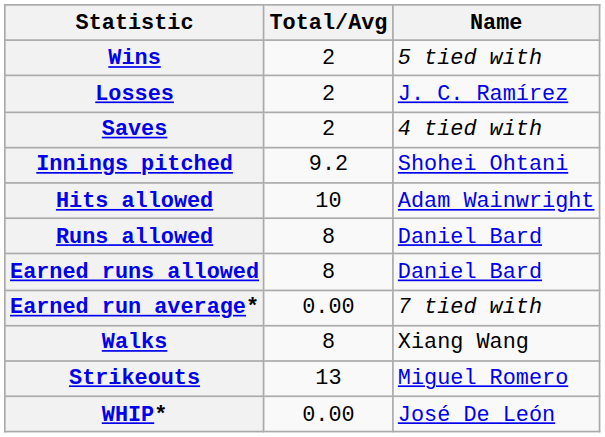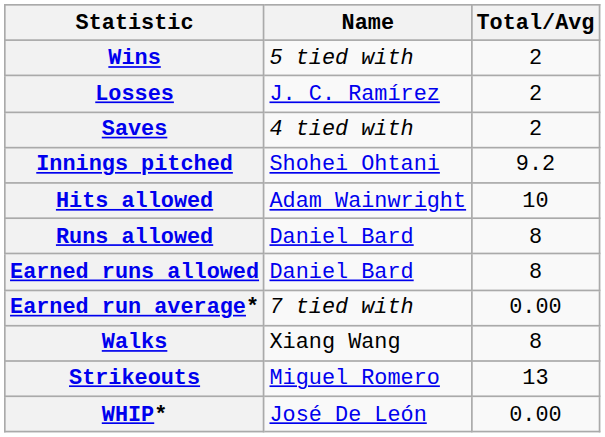 <table class="wikitable plainrowheaders">
 <tr>
 <th scope="col">Statistic</th>
+<th scope="col">Name</th>
 <th scope="col">Total/Avg</th>
-<th scope="col">Name</th>
 </tr>
 <tr>
 <th scope="row"><a href='#'>Wins</a></th>
+<td><em>5 tied with</em></td>
 <td align=center>2</td>
-<td><em>5 tied with</em></td>
 </tr>
 <tr>
 <th scope="row"><a href='#'>Losses</a></th>
+<td> <a href='#'>J. C. Ramírez</a></td>
 <td align=center>2</td>
-<td> <a href='#'>J. C. Ramírez</a></td>
 </tr>
 <tr>
 <th scope="row"><a href='#'>Saves</a></th>
+<td><em>4 tied with</em></td>
 <td align=center>2</td>
-<td><em>4 tied with</em></td>
 </tr>
 <tr>
 <th scope="row"><a href='#'>Innings pitched</a></th>
+<td> <a href='#'>Shohei Ohtani</a></td>
 <td align=center>9.2</td>
-<td> <a href='#'>Shohei Ohtani</a></td>
 </tr>
 <tr>
 <th scope="row"><a href='#'>Hits allowed</a></th>
+<td> <a href='#'>Adam Wainwright</a></td>
 <td align=center>10</td>
-<td> <a href='#'>Adam Wainwright</a></td>
 </tr>
 <tr>
 <th scope="row"><a href='#'>Runs allowed</a></th>
+<td> <a href='#'>Daniel Bard</a></td>
 <td align=center>8</td>
-<td> <a href='#'>Daniel Bard</a></td>
 </tr>
 <tr>
 <th scope="row"><a href='#'>Earned runs allowed</a></th>
+<td> <a href='#'>Daniel Bard</a></td>
 <td align=center>8</td>
-<td> <a href='#'>Daniel Bard</a></td>
 </tr>
 <tr>
 <th scope="row"><a href='#'>Earned run average</a>*</th>
+<td><em>7 tied with</em></td>
 <td align=center>0.00</td>
-<td><em>7 tied with</em></td>
 </tr>
 <tr>
 <th scope="row"><a href='#'>Walks</a></th>
+<td> Xiang Wang</td>
 <td align=center>8</td>
-<td> Xiang Wang</td>
 </tr>
 <tr>
 <th scope="row"><a href='#'>Strikeouts</a></th>
+<td> <a href='#'>Miguel Romero</a></td>
 <td align=center>13</td>
-<td> <a href='#'>Miguel Romero</a></td>
 </tr>
 <tr>
 <th scope="row"><a href='#'>WHIP</a>*</th>
+<td> <a href='#'>José De León</a></td>
 <td align=center>0.00</td>
-<td> <a href='#'>José De León</a></td>
 </tr>
 </table>
